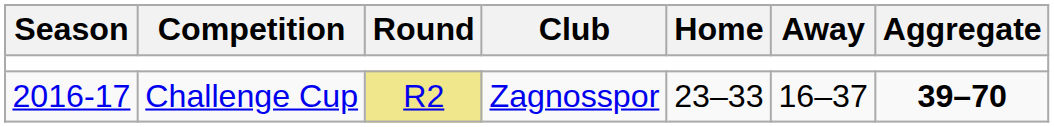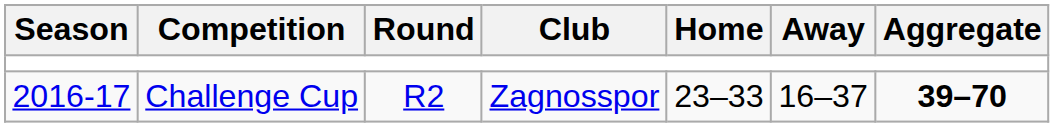 <table class="wikitable">
 <tr>
 <th>Season</th>
 <th>Competition</th>
 <th>Round</th>
 <th>Club</th>
 <th>Home</th>
 <th>Away</th>
 <th>Aggregate</th>
 </tr>
 <tr>
 <td colspan="7" bgcolor=white></td>
 </tr>
 <tr>
 <td><a href='#'>2016-17</a></td>
 <td><a href='#'>Challenge Cup</a></td>
-<td style="background: khaki; text-align:center;"><a href='#'>R2</a></td>
+<td style="text-align:center;"><a href='#'>R2</a></td>
 <td> <a href='#'>Zagnosspor</a></td>
 <td style="text-align:center;">23–33</td>
 <td style="text-align:center;">16–37</td>
 <td style="text-align:center;"><strong>39–70</strong></td>
 </tr>
 </table>
